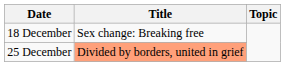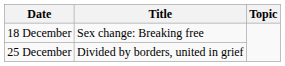 <table class="wikitable">
 <tr>
 <th scope="col">Date</th>
 <th scope="col">Title</th>
 <th scope="col">Topic</th>
 </tr>
 <tr>
 <td>18 December</td>
 <td>Sex change: Breaking free</td>
 </tr>
 <tr>
 <td>25 December</td>
-<td style="background: lightsalmon;">Divided by borders, united in grief</td>
+<td>Divided by borders, united in grief</td>
 </tr>
 </table>
